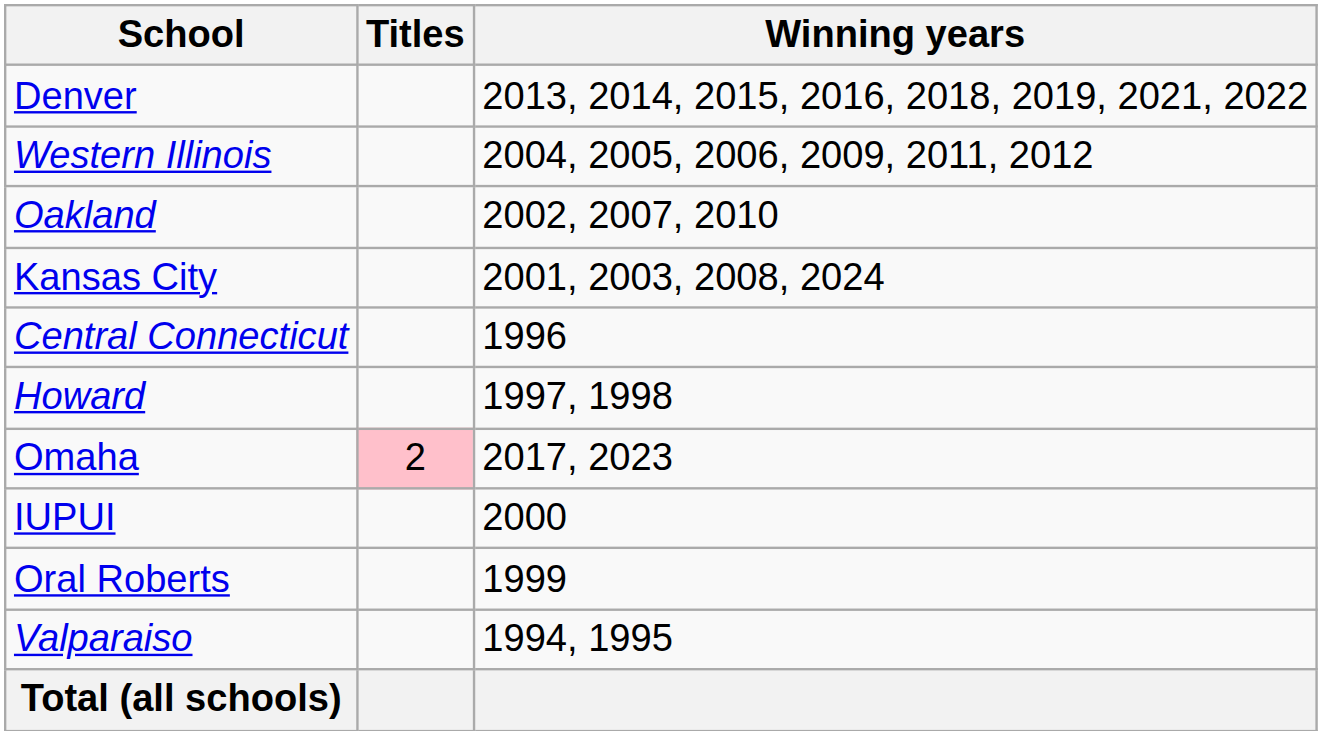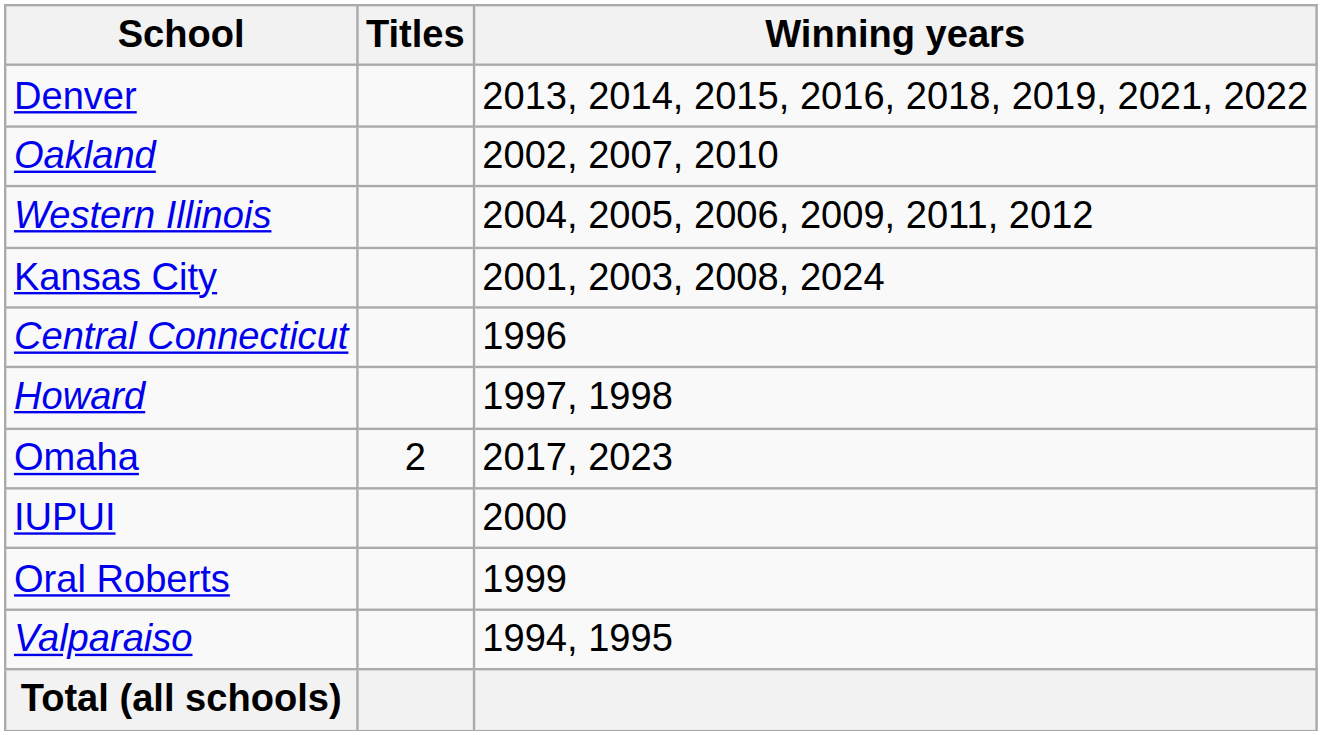 <table class="wikitable sortable">
 <tr>
 <th width=px>School</th>
 <th width=px>Titles</th>
 <th width=px>Winning years</th>
 </tr>
 <tr>
 <td><a href='#'>Denver</a></td>
 <td></td>
 <td>2013, 2014, 2015, 2016, 2018, 2019, 2021, 2022</td>
 </tr>
 <tr>
+<td><em><a href='#'>Oakland</a></em></td>
+<td></td>
+<td>2002, 2007, 2010</td>
+</tr>
+<tr>
 <td><em><a href='#'>Western Illinois</a></em></td>
 <td></td>
 <td>2004, 2005, 2006, 2009, 2011, 2012</td>
-</tr>
-<tr>
-<td><em><a href='#'>Oakland</a></em></td>
-<td></td>
-<td>2002, 2007, 2010</td>
 </tr>
 <tr>
 <td><a href='#'>Kansas City</a></td>
 <td></td>
 <td>2001, 2003, 2008, 2024</td>
 </tr>
 <tr>
 <td><em><a href='#'>Central Connecticut</a></em></td>
 <td></td>
 <td>1996</td>
 </tr>
 <tr>
 <td><em><a href='#'>Howard</a></em></td>
 <td></td>
 <td>1997, 1998</td>
 </tr>
 <tr>
 <td><a href='#'>Omaha</a></td>
-<td align=center style="background: pink;">2</td>
+<td align=center>2</td>
 <td>2017, 2023</td>
 </tr>
 <tr>
 <td><a href='#'>IUPUI</a></td>
 <td></td>
 <td>2000</td>
 </tr>
 <tr>
 <td><a href='#'>Oral Roberts</a></td>
 <td></td>
 <td>1999</td>
 </tr>
 <tr>
 <td><em><a href='#'>Valparaiso</a></em></td>
 <td></td>
 <td>1994, 1995</td>
 </tr>
 <tr>
 <th>Total (all schools)</th>
 <th></th>
 <th></th>
 </tr>
 </table>
